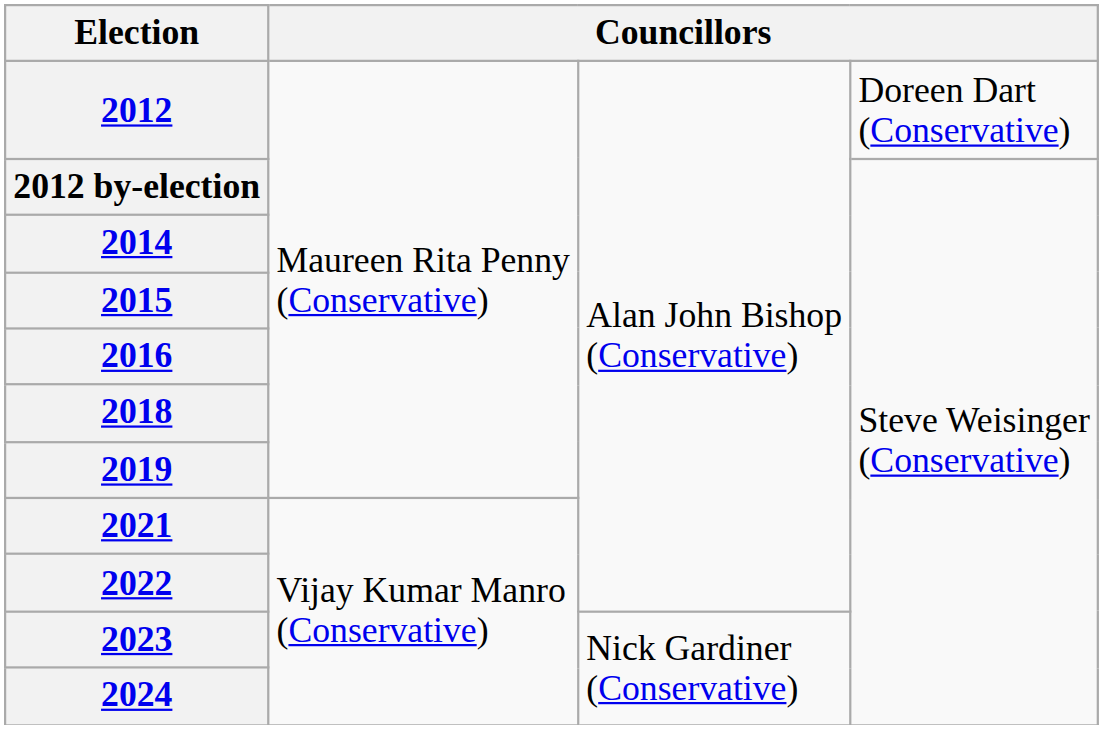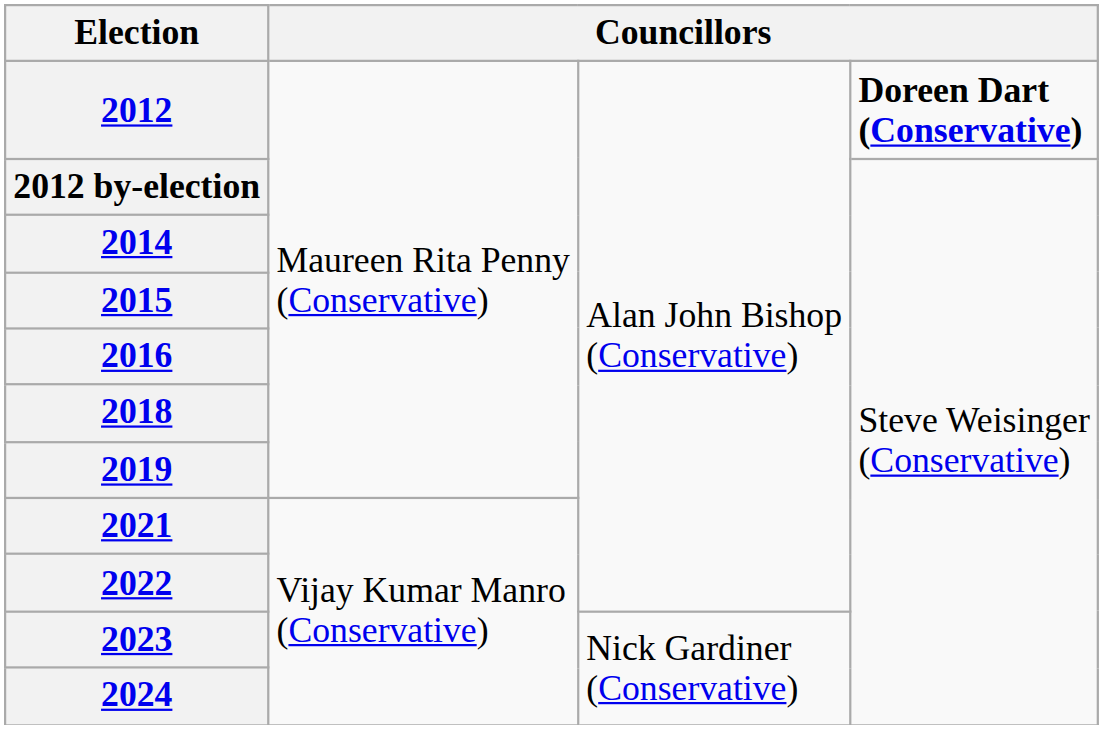 <table class="wikitable">
 <tr>
 <th>Election</th>
 <th colspan="3">Councillors</th>
 </tr>
 <tr>
 <th><a href='#'>2012</a></th>
 <td rowspan="7">Maureen Rita Penny<br>(<a href='#'>Conservative</a>)</td>
 <td rowspan="9">Alan John Bishop<br>(<a href='#'>Conservative</a>)</td>
-<td>Doreen Dart<br>(<a href='#'>Conservative</a>)</td>
+<td><strong>Doreen Dart<br>(<a href='#'>Conservative</a>)</strong></td>
 </tr>
 <tr>
 <th>2012 by-election</th>
 <td rowspan="10">Steve Weisinger<br>(<a href='#'>Conservative</a>)</td>
 </tr>
 <tr>
 <th><a href='#'>2014</a></th>
 </tr>
 <tr>
 <th><a href='#'>2015</a></th>
 </tr>
 <tr>
 <th><a href='#'>2016</a></th>
 </tr>
 <tr>
 <th><a href='#'>2018</a></th>
 </tr>
 <tr>
 <th><a href='#'>2019</a></th>
 </tr>
 <tr>
 <th><a href='#'>2021</a></th>
 <td rowspan="4">Vijay Kumar Manro<br>(<a href='#'>Conservative</a>)</td>
 </tr>
 <tr>
 <th><a href='#'>2022</a></th>
 </tr>
 <tr>
 <th><a href='#'>2023</a></th>
 <td rowspan="2">Nick Gardiner<br>(<a href='#'>Conservative</a>)</td>
 </tr>
 <tr>
 <th><a href='#'>2024</a></th>
 </tr>
 </table>
